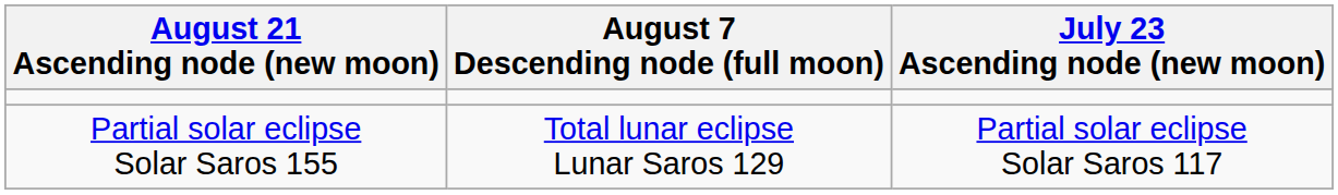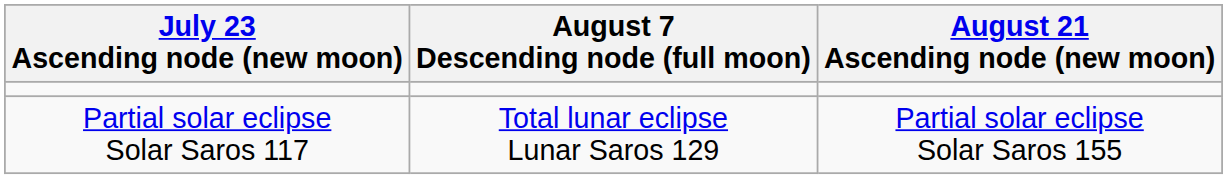 <table class="wikitable">
 <tr>
+<th><a href='#'>July 23</a><br>Ascending node (new moon)<br></th>
+<th>August 7<br>Descending node (full moon)<br></th>
 <th><a href='#'>August 21</a><br>Ascending node (new moon)<br></th>
-<th>August 7<br>Descending node (full moon)<br></th>
-<th><a href='#'>July 23</a><br>Ascending node (new moon)<br></th>
 </tr>
 <tr>
 <td></td>
 <td></td>
 <td></td>
 </tr>
 <tr align=center>
+<td><a href='#'>Partial solar eclipse</a><br>Solar Saros 117</td>
+<td><a href='#'>Total lunar eclipse</a><br>Lunar Saros 129</td>
 <td><a href='#'>Partial solar eclipse</a><br>Solar Saros 155</td>
-<td><a href='#'>Total lunar eclipse</a><br>Lunar Saros 129</td>
-<td><a href='#'>Partial solar eclipse</a><br>Solar Saros 117</td>
 </tr>
 </table>
